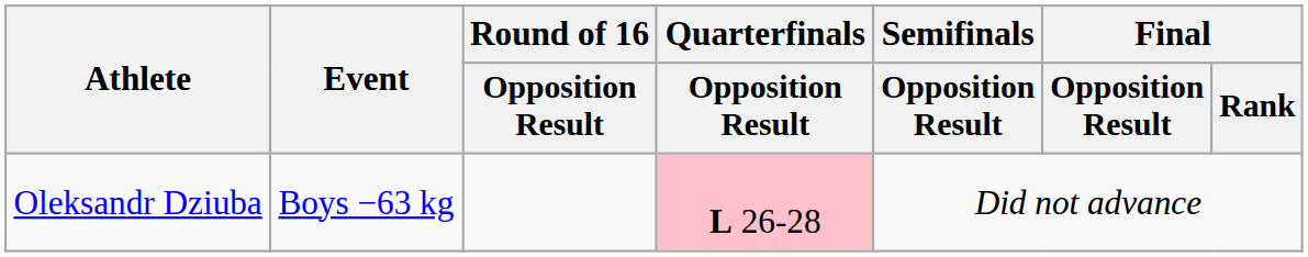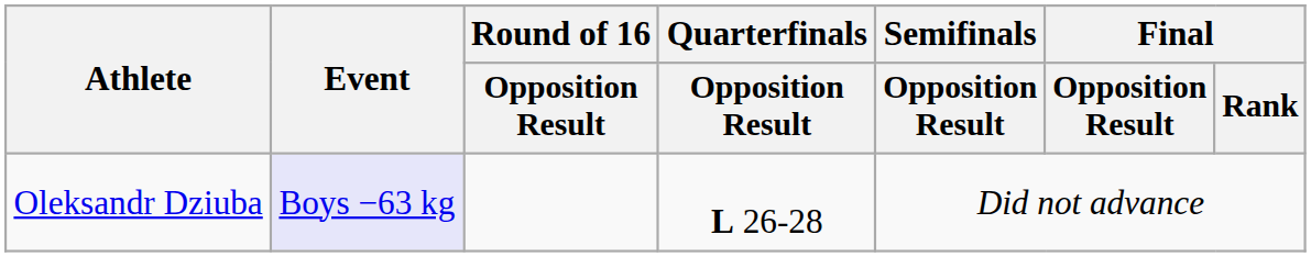 <table class="wikitable" style="font-size:90%;">
 <tr>
 <th rowspan=2>Athlete</th>
 <th rowspan=2>Event</th>
 <th>Round of 16</th>
 <th>Quarterfinals</th>
 <th>Semifinals</th>
 <th colspan=2>Final</th>
 </tr>
 <tr style="font-size:95%">
 <th>Opposition<br>Result</th>
 <th>Opposition<br>Result</th>
 <th>Opposition<br>Result</th>
 <th>Opposition<br>Result</th>
 <th>Rank</th>
 </tr>
 <tr align=center>
 <td align=left><a href='#'>Oleksandr Dziuba</a></td>
-<td align=left><a href='#'>Boys −63 kg</a></td>
+<td align=left style="background: lavender;"><a href='#'>Boys −63 kg</a></td>
 <td></td>
-<td style="background: pink;"><br> <strong>L</strong> 26-28</td>
+<td><br> <strong>L</strong> 26-28</td>
 <td Colspan=3><em>Did not advance</em></td>
 </tr>
 </table>
